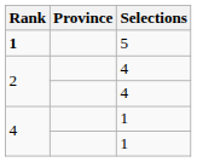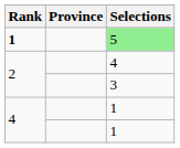 <table class="wikitable">
 <tr>
 <th>Rank</th>
 <th>Province</th>
 <th>Selections</th>
 </tr>
 <tr>
 <td><strong>1</strong></td>
 <td></td>
-<td>5</td>
+<td style="background: lightgreen;">5</td>
 </tr>
 <tr>
 <td rowspan="2">2</td>
 <td></td>
 <td>4</td>
 </tr>
 <tr>
 <td></td>
-<td>4</td>
+<td>3</td>
 </tr>
 <tr>
 <td rowspan="2">4</td>
 <td></td>
 <td>1</td>
 </tr>
 <tr>
 <td></td>
 <td>1</td>
 </tr>
 </table>
